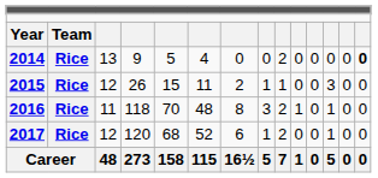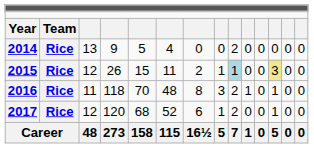 <table class=wikitable style="text-align:center;">
 <tr>
 <td ! colspan="14" style="background:#555555; border:2px solid silver; color:white;"></td>
 </tr>
 <tr>
 <td ! colspan="14"></td>
 </tr>
 <tr>
 <th>Year</th>
 <th>Team</th>
 <th></th>
 <th></th>
 <th></th>
 <th></th>
 <th></th>
 <th></th>
 <th></th>
 <th></th>
 <th></th>
 <th></th>
 <th></th>
 <th></th>
 </tr>
 <tr>
 <th><a href='#'>2014</a></th>
 <th><a href='#'>Rice</a></th>
 <td>13</td>
 <td>9</td>
 <td>5</td>
 <td>4</td>
 <td>0</td>
 <td>0</td>
 <td>2</td>
 <td>0</td>
 <td>0</td>
 <td>0</td>
 <td>0</td>
-<td><strong>0</strong></td>
+<td>0</td>
 </tr>
 <tr>
 <th><a href='#'>2015</a></th>
 <th><a href='#'>Rice</a></th>
 <td>12</td>
 <td>26</td>
 <td>15</td>
 <td>11</td>
 <td>2</td>
 <td>1</td>
-<td>1</td>
+<td style="background: lightblue;">1</td>
 <td>0</td>
 <td>0</td>
-<td>3</td>
+<td style="background: khaki;">3</td>
 <td>0</td>
 <td>0</td>
 </tr>
 <tr>
 <th><a href='#'>2016</a></th>
 <th><a href='#'>Rice</a></th>
 <td>11</td>
 <td>118</td>
 <td>70</td>
 <td>48</td>
 <td>8</td>
 <td>3</td>
 <td>2</td>
 <td>1</td>
 <td>0</td>
 <td>1</td>
 <td>0</td>
 <td>0</td>
 </tr>
 <tr>
 <th><a href='#'>2017</a></th>
 <th><a href='#'>Rice</a></th>
 <td>12</td>
 <td>120</td>
 <td>68</td>
 <td>52</td>
 <td>6</td>
 <td>1</td>
 <td>2</td>
 <td>0</td>
 <td>0</td>
 <td>1</td>
 <td>0</td>
 <td>0</td>
 </tr>
 <tr>
 <th colspan="2">Career</th>
 <th>48</th>
 <th>273</th>
 <th>158</th>
 <th>115</th>
 <th>16½</th>
 <th>5</th>
 <th>7</th>
 <th>1</th>
 <th>0</th>
 <th>5</th>
 <th>0</th>
 <th>0</th>
 </tr>
 </table>
